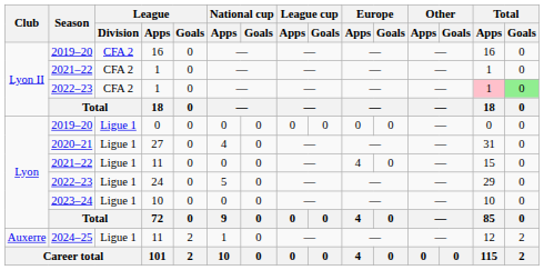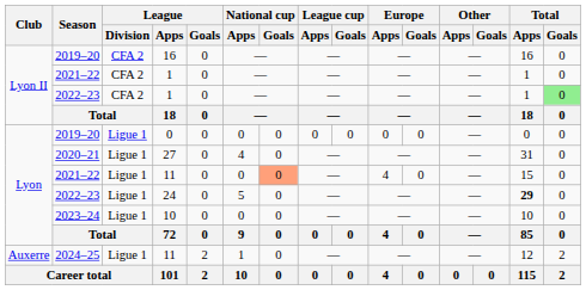 <table class="wikitable" style="text-align:center">
 <tr>
 <th rowspan="2">Club</th>
 <th rowspan="2">Season</th>
 <th colspan="3">League</th>
 <th colspan="2">National cup</th>
 <th colspan="2">League cup</th>
 <th colspan="2">Europe</th>
 <th colspan="2">Other</th>
 <th colspan="2">Total</th>
 </tr>
 <tr>
 <th>Division</th>
 <th>Apps</th>
 <th>Goals</th>
 <th>Apps</th>
 <th>Goals</th>
 <th>Apps</th>
 <th>Goals</th>
 <th>Apps</th>
 <th>Goals</th>
 <th>Apps</th>
 <th>Goals</th>
 <th>Apps</th>
 <th>Goals</th>
 </tr>
 <tr>
 <td rowspan="4"><a href='#'>Lyon II</a></td>
 <td><a href='#'>2019–20</a></td>
 <td><a href='#'>CFA 2</a></td>
 <td>16</td>
 <td>0</td>
 <td colspan="2">—</td>
 <td colspan="2">—</td>
 <td colspan="2">—</td>
 <td colspan="2">—</td>
 <td>16</td>
 <td>0</td>
 </tr>
 <tr>
 <td><a href='#'>2021–22</a></td>
 <td>CFA 2</td>
 <td>1</td>
 <td>0</td>
 <td colspan="2">—</td>
 <td colspan="2">—</td>
 <td colspan="2">—</td>
 <td colspan="2">—</td>
 <td>1</td>
 <td>0</td>
 </tr>
 <tr>
 <td><a href='#'>2022–23</a></td>
 <td>CFA 2</td>
 <td>1</td>
 <td>0</td>
 <td colspan="2">—</td>
 <td colspan="2">—</td>
 <td colspan="2">—</td>
 <td colspan="2">—</td>
-<td style="background: pink;">1</td>
+<td>1</td>
 <td style="background: lightgreen;">0</td>
 </tr>
 <tr>
 <th colspan="2">Total</th>
 <th>18</th>
 <th>0</th>
 <th colspan="2">—</th>
 <th colspan="2">—</th>
 <th colspan="2">—</th>
 <th colspan="2">—</th>
 <th>18</th>
 <th>0</th>
 </tr>
 <tr>
 <td rowspan="6"><a href='#'>Lyon</a></td>
 <td><a href='#'>2019–20</a></td>
 <td><a href='#'>Ligue 1</a></td>
 <td>0</td>
 <td>0</td>
 <td>0</td>
 <td>0</td>
 <td>0</td>
 <td>0</td>
 <td>0</td>
 <td>0</td>
 <td colspan="2">—</td>
 <td>0</td>
 <td>0</td>
 </tr>
 <tr>
 <td><a href='#'>2020–21</a></td>
 <td>Ligue 1</td>
 <td>27</td>
 <td>0</td>
 <td>4</td>
 <td>0</td>
 <td colspan="2">—</td>
 <td colspan="2">—</td>
 <td colspan="2">—</td>
 <td>31</td>
 <td>0</td>
 </tr>
 <tr>
 <td><a href='#'>2021–22</a></td>
 <td>Ligue 1</td>
 <td>11</td>
 <td>0</td>
 <td>0</td>
-<td>0</td>
+<td style="background: lightsalmon;">0</td>
 <td colspan="2">—</td>
 <td>4</td>
 <td>0</td>
 <td colspan="2">—</td>
 <td>15</td>
 <td>0</td>
 </tr>
 <tr>
 <td><a href='#'>2022–23</a></td>
 <td>Ligue 1</td>
 <td>24</td>
 <td>0</td>
 <td>5</td>
 <td>0</td>
 <td colspan="2">—</td>
 <td colspan="2">—</td>
 <td colspan="2">—</td>
-<td>29</td>
+<td><strong>29</strong></td>
 <td>0</td>
 </tr>
 <tr>
 <td><a href='#'>2023–24</a></td>
 <td>Ligue 1</td>
 <td>10</td>
 <td>0</td>
 <td>0</td>
 <td>0</td>
 <td colspan="2">—</td>
 <td colspan="2">—</td>
 <td colspan="2">—</td>
 <td>10</td>
 <td>0</td>
 </tr>
 <tr>
 <th colspan="2">Total</th>
 <th>72</th>
 <th>0</th>
 <th>9</th>
 <th>0</th>
 <th>0</th>
 <th>0</th>
 <th>4</th>
 <th>0</th>
 <th colspan="2">—</th>
 <th>85</th>
 <th>0</th>
 </tr>
 <tr>
 <td><a href='#'>Auxerre</a></td>
 <td><a href='#'>2024–25</a></td>
 <td>Ligue 1</td>
 <td>11</td>
 <td>2</td>
 <td>1</td>
 <td>0</td>
 <td colspan="2">—</td>
 <td colspan="2">—</td>
 <td colspan="2">—</td>
 <td>12</td>
 <td>2</td>
 </tr>
 <tr>
 <th colspan="3">Career total</th>
 <th>101</th>
 <th>2</th>
 <th>10</th>
 <th>0</th>
 <th>0</th>
 <th>0</th>
 <th>4</th>
 <th>0</th>
 <th>0</th>
 <th>0</th>
 <th>115</th>
 <th>2</th>
 </tr>
 </table>
